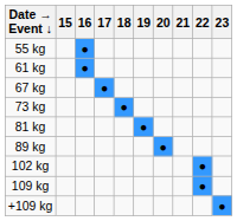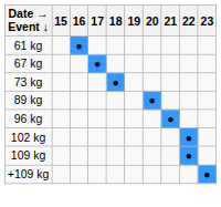 <table class="wikitable" style="text-align:center; font-size:95%">
 <tr>
 <th>Date →<br>Event ↓</th>
 <th>15</th>
 <th>16</th>
 <th>17</th>
 <th>18</th>
 <th>19</th>
 <th>20</th>
 <th>21</th>
 <th>22</th>
 <th>23</th>
-</tr>
-<tr>
-<td>55 kg</td>
-<td></td>
-<td bgcolor=#3399ff>●</td>
-<td></td>
-<td></td>
-<td></td>
-<td></td>
-<td></td>
-<td></td>
-<td></td>
 </tr>
 <tr>
 <td>61 kg</td>
 <td></td>
 <td bgcolor=#3399ff>●</td>
 <td></td>
 <td></td>
 <td></td>
 <td></td>
 <td></td>
 <td></td>
 <td></td>
 </tr>
 <tr>
 <td>67 kg</td>
 <td></td>
 <td></td>
 <td bgcolor=#3399ff>●</td>
 <td></td>
 <td></td>
 <td></td>
 <td></td>
 <td></td>
 <td></td>
 </tr>
 <tr>
 <td>73 kg</td>
 <td></td>
 <td></td>
 <td></td>
 <td bgcolor=#3399ff>●</td>
 <td></td>
 <td></td>
 <td></td>
 <td></td>
 <td></td>
 </tr>
 <tr>
-<td>81 kg</td>
+<td>89 kg</td>
+<td></td>
 <td></td>
 <td></td>
 <td></td>
 <td></td>
 <td bgcolor=#3399ff>●</td>
 <td></td>
 <td></td>
 <td></td>
-<td></td>
 </tr>
 <tr>
-<td>89 kg</td>
+<td>96 kg</td>
+<td></td>
 <td></td>
 <td></td>
 <td></td>
 <td></td>
 <td></td>
 <td bgcolor=#3399ff>●</td>
-<td></td>
 <td></td>
 <td></td>
 </tr>
 <tr>
 <td>102 kg</td>
 <td></td>
 <td></td>
 <td></td>
 <td></td>
 <td></td>
 <td></td>
 <td></td>
 <td bgcolor=#3399ff>●</td>
 <td></td>
 </tr>
 <tr>
 <td>109 kg</td>
 <td></td>
 <td></td>
 <td></td>
 <td></td>
 <td></td>
 <td></td>
 <td></td>
 <td bgcolor=#3399ff>●</td>
 <td></td>
 </tr>
 <tr>
 <td>+109 kg</td>
 <td></td>
 <td></td>
 <td></td>
 <td></td>
 <td></td>
 <td></td>
 <td></td>
 <td></td>
 <td bgcolor=#3399ff>●</td>
 </tr>
 </table>
